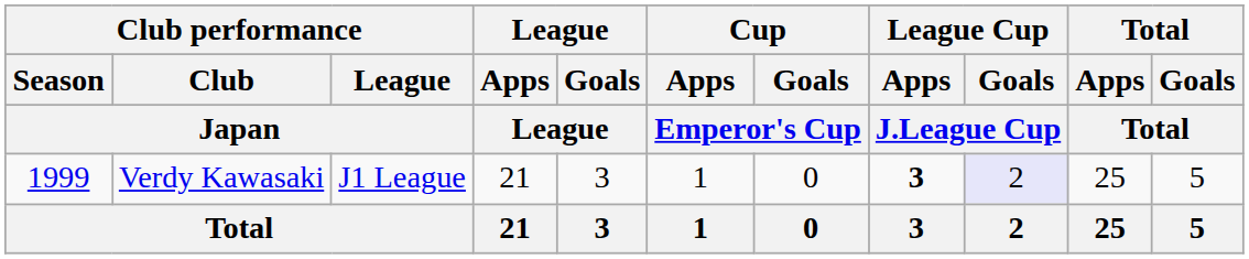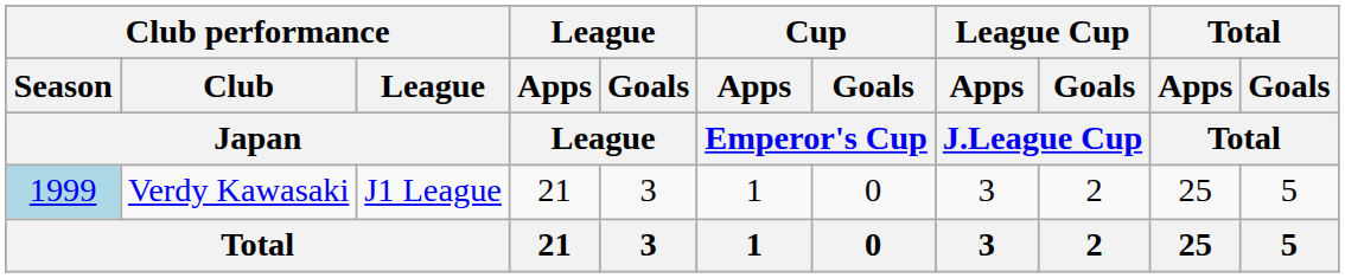 <table class="wikitable" style="text-align:center;">
 <tr>
 <th colspan=3>Club performance</th>
 <th colspan=2>League</th>
 <th colspan=2>Cup</th>
 <th colspan=2>League Cup</th>
 <th colspan=2>Total</th>
 </tr>
 <tr>
 <th>Season</th>
 <th>Club</th>
 <th>League</th>
 <th>Apps</th>
 <th>Goals</th>
 <th>Apps</th>
 <th>Goals</th>
 <th>Apps</th>
 <th>Goals</th>
 <th>Apps</th>
 <th>Goals</th>
 </tr>
 <tr>
 <th colspan=3>Japan</th>
 <th colspan=2>League</th>
 <th colspan=2><a href='#'>Emperor's Cup</a></th>
 <th colspan=2><a href='#'>J.League Cup</a></th>
 <th colspan=2>Total</th>
 </tr>
 <tr>
-<td><a href='#'>1999</a></td>
+<td style="background: lightblue;"><a href='#'>1999</a></td>
 <td><a href='#'>Verdy Kawasaki</a></td>
 <td><a href='#'>J1 League</a></td>
 <td>21</td>
 <td>3</td>
 <td>1</td>
 <td>0</td>
-<td><strong>3</strong></td>
-<td style="background: lavender;">2</td>
+<td>3</td>
+<td>2</td>
 <td>25</td>
 <td>5</td>
 </tr>
 <tr>
 <th colspan=3>Total</th>
 <th>21</th>
 <th>3</th>
 <th>1</th>
 <th>0</th>
 <th>3</th>
 <th>2</th>
 <th>25</th>
 <th>5</th>
 </tr>
 </table>
